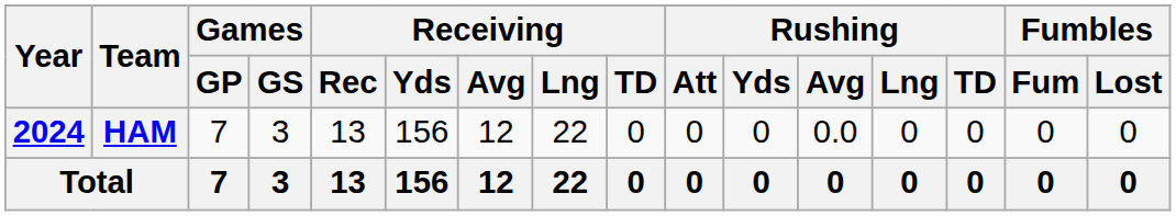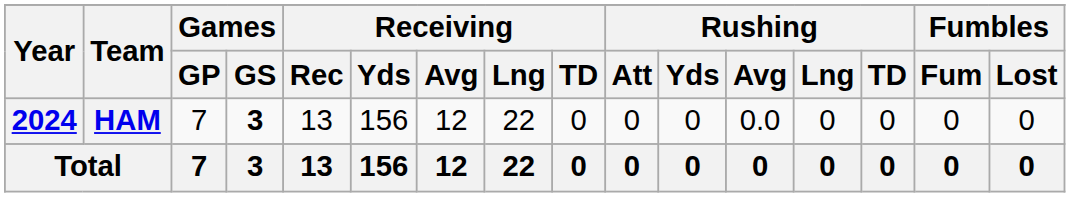 <table style="text-align:center;" class="wikitable">
 <tr style="font-weight:bold;background:#03202F;color:White;">
 </tr>
 <tr>
 <th rowspan="2">Year</th>
 <th rowspan="2">Team</th>
 <th colspan="2">Games</th>
 <th colspan="5">Receiving</th>
 <th colspan="5">Rushing</th>
 <th colspan="2">Fumbles</th>
 </tr>
 <tr>
 <th>GP</th>
 <th>GS</th>
 <th>Rec</th>
 <th>Yds</th>
 <th>Avg</th>
 <th>Lng</th>
 <th>TD</th>
 <th>Att</th>
 <th>Yds</th>
 <th>Avg</th>
 <th>Lng</th>
 <th>TD</th>
 <th>Fum</th>
 <th>Lost</th>
 </tr>
 <tr>
 <th><a href='#'>2024</a></th>
 <th><a href='#'>HAM</a></th>
 <td>7</td>
-<td>3</td>
+<td><strong>3</strong></td>
 <td>13</td>
 <td>156</td>
 <td>12</td>
 <td>22</td>
 <td>0</td>
 <td>0</td>
 <td>0</td>
 <td>0.0</td>
 <td>0</td>
 <td>0</td>
 <td>0</td>
 <td>0</td>
 </tr>
 <tr>
 <th colspan="2">Total</th>
 <th>7</th>
 <th>3</th>
 <th>13</th>
 <th>156</th>
 <th>12</th>
 <th>22</th>
 <th>0</th>
 <th>0</th>
 <th>0</th>
 <th>0</th>
 <th>0</th>
 <th>0</th>
 <th>0</th>
 <th>0</th>
 </tr>
 </table>
